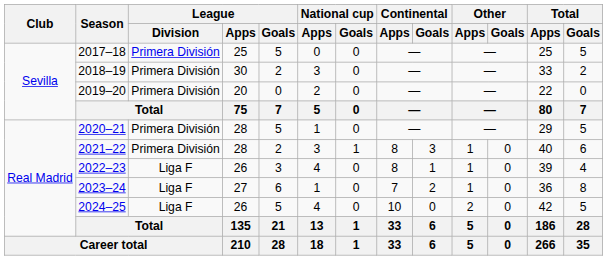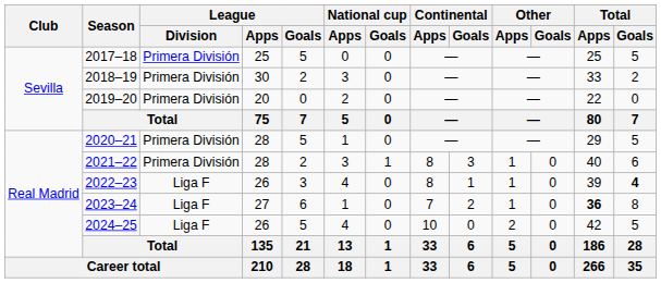 <table class="wikitable" style="text-align:center">
 <tr>
 <th rowspan="2">Club</th>
 <th rowspan="2">Season</th>
 <th colspan="3">League</th>
 <th colspan="2">National cup</th>
 <th colspan="2">Continental</th>
 <th colspan="2">Other</th>
 <th colspan="2">Total</th>
 </tr>
 <tr>
 <th>Division</th>
 <th>Apps</th>
 <th>Goals</th>
 <th>Apps</th>
 <th>Goals</th>
 <th>Apps</th>
 <th>Goals</th>
 <th>Apps</th>
 <th>Goals</th>
 <th>Apps</th>
 <th>Goals</th>
 </tr>
 <tr>
 <td rowspan="4"><a href='#'>Sevilla</a></td>
 <td>2017–18</td>
 <td><a href='#'>Primera División</a></td>
 <td>25</td>
 <td>5</td>
 <td>0</td>
 <td>0</td>
 <td colspan="2">—</td>
 <td colspan="2">—</td>
 <td>25</td>
 <td>5</td>
 </tr>
 <tr>
 <td>2018–19</td>
 <td>Primera División</td>
 <td>30</td>
 <td>2</td>
 <td>3</td>
 <td>0</td>
 <td colspan="2">—</td>
 <td colspan="2">—</td>
 <td>33</td>
 <td>2</td>
 </tr>
 <tr>
 <td>2019–20</td>
 <td>Primera División</td>
 <td>20</td>
 <td>0</td>
 <td>2</td>
 <td>0</td>
 <td colspan="2">—</td>
 <td colspan="2">—</td>
 <td>22</td>
 <td>0</td>
 </tr>
 <tr>
 <th colspan="2">Total</th>
 <th>75</th>
 <th>7</th>
 <th>5</th>
 <th>0</th>
 <th colspan="2">—</th>
 <th colspan="2">—</th>
 <th>80</th>
 <th>7</th>
 </tr>
 <tr>
 <td rowspan="6"><a href='#'>Real Madrid</a></td>
 <td><a href='#'>2020–21</a></td>
 <td>Primera División</td>
 <td>28</td>
 <td>5</td>
 <td>1</td>
 <td>0</td>
 <td colspan="2">—</td>
 <td colspan="2">—</td>
 <td>29</td>
 <td>5</td>
 </tr>
 <tr>
 <td><a href='#'>2021–22</a></td>
 <td>Primera División</td>
 <td>28</td>
 <td>2</td>
 <td>3</td>
 <td>1</td>
 <td>8</td>
 <td>3</td>
 <td>1</td>
 <td>0</td>
 <td>40</td>
 <td>6</td>
 </tr>
 <tr>
 <td><a href='#'>2022–23</a></td>
 <td>Liga F</td>
 <td>26</td>
 <td>3</td>
 <td>4</td>
 <td>0</td>
 <td>8</td>
 <td>1</td>
 <td>1</td>
 <td>0</td>
 <td>39</td>
-<td>4</td>
+<td><strong>4</strong></td>
 </tr>
 <tr>
 <td><a href='#'>2023–24</a></td>
 <td>Liga F</td>
 <td>27</td>
 <td>6</td>
 <td>1</td>
 <td>0</td>
 <td>7</td>
 <td>2</td>
 <td>1</td>
 <td>0</td>
-<td>36</td>
+<td><strong>36</strong></td>
 <td>8</td>
 </tr>
 <tr>
 <td><a href='#'>2024–25</a></td>
 <td>Liga F</td>
 <td>26</td>
 <td>5</td>
 <td>4</td>
 <td>0</td>
 <td>10</td>
 <td>0</td>
 <td>2</td>
 <td>0</td>
 <td>42</td>
 <td>5</td>
 </tr>
 <tr>
 <th colspan="2">Total</th>
 <th>135</th>
 <th>21</th>
 <th>13</th>
 <th>1</th>
 <th>33</th>
 <th>6</th>
 <th>5</th>
 <th>0</th>
 <th>186</th>
 <th>28</th>
 </tr>
 <tr>
 <th colspan="3">Career total</th>
 <th>210</th>
 <th>28</th>
 <th>18</th>
 <th>1</th>
 <th>33</th>
 <th>6</th>
 <th>5</th>
 <th>0</th>
 <th>266</th>
 <th>35</th>
 </tr>
 </table>
